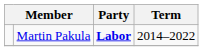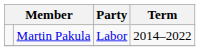 <table class="wikitable">
 <tr>
 <th colspan="2">Member</th>
 <th>Party</th>
 <th>Term</th>
 </tr>
 <tr>
 <td> </td>
 <td><a href='#'>Martin Pakula</a></td>
-<td><strong><a href='#'>Labor</a></strong></td>
+<td><a href='#'>Labor</a></td>
 <td>2014–2022</td>
 </tr>
 <tr>
 </tr>
 </table>
